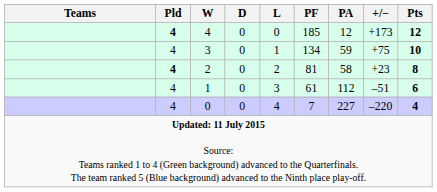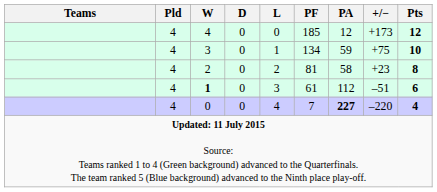 <table class="wikitable" style="text-align: center;">
 <tr>
 <th width="200">Teams</th>
 <th width="40">Pld</th>
 <th width="40">W</th>
 <th width="40">D</th>
 <th width="40">L</th>
 <th width="40">PF</th>
 <th width="40">PA</th>
 <th width="40">+/−</th>
 <th width="40">Pts</th>
 </tr>
 <tr bgcolor=#d8ffeb>
 <td align=left></td>
-<td><strong>4</strong></td>
+<td>4</td>
 <td>4</td>
 <td>0</td>
 <td>0</td>
 <td>185</td>
 <td>12</td>
 <td>+173</td>
 <td><strong>12</strong></td>
 </tr>
 <tr bgcolor=#d8ffeb>
 <td align=left></td>
 <td>4</td>
 <td>3</td>
 <td>0</td>
 <td>1</td>
 <td>134</td>
 <td>59</td>
 <td>+75</td>
 <td><strong>10</strong></td>
 </tr>
 <tr bgcolor=#d8ffeb>
 <td align=left></td>
-<td><strong>4</strong></td>
+<td>4</td>
 <td>2</td>
 <td>0</td>
 <td>2</td>
 <td>81</td>
 <td>58</td>
 <td>+23</td>
 <td><strong>8</strong></td>
 </tr>
 <tr bgcolor=#d8ffeb>
 <td align=left></td>
 <td>4</td>
-<td>1</td>
+<td><strong>1</strong></td>
 <td>0</td>
 <td>3</td>
 <td>61</td>
 <td>112</td>
 <td>–51</td>
 <td><strong>6</strong></td>
 </tr>
 <tr bgcolor=#ccccff>
 <td align=left></td>
 <td>4</td>
 <td>0</td>
 <td>0</td>
 <td>4</td>
 <td>7</td>
-<td>227</td>
+<td><strong>227</strong></td>
 <td>–220</td>
 <td><strong>4</strong></td>
 </tr>
 <tr bgcolor="#f9f9f9" align=center>
 <td colspan="15" style="border:0px"><small><strong>Updated: 11 July 2015</strong> <br></small><br><small>Source:</small><br>  <small>Teams ranked 1 to 4 <span>(Green background)</span> advanced to the Quarterfinals.<br></small>  <small>The team ranked 5 <span>(Blue background)</span> advanced to the Ninth place play-off.<br></small></td>
 </tr>
 </table>
